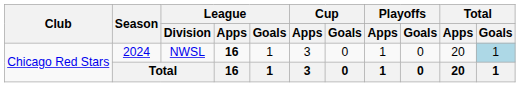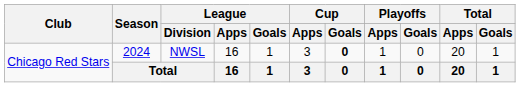 <table class="wikitable" style="text-align: center;">
 <tr>
 <th rowspan="2">Club</th>
 <th rowspan="2">Season</th>
 <th colspan="3">League</th>
 <th colspan="2">Cup</th>
 <th colspan="2">Playoffs</th>
 <th colspan="2">Total</th>
 </tr>
 <tr>
 <th>Division</th>
 <th>Apps</th>
 <th>Goals</th>
 <th>Apps</th>
 <th>Goals</th>
 <th>Apps</th>
 <th>Goals</th>
 <th>Apps</th>
 <th>Goals</th>
 </tr>
 <tr>
 <td rowspan="2"><a href='#'>Chicago Red Stars</a></td>
 <td><a href='#'>2024</a></td>
 <td><a href='#'>NWSL</a></td>
-<td><strong>16</strong></td>
+<td>16</td>
 <td>1</td>
 <td>3</td>
-<td>0</td>
+<td><strong>0</strong></td>
 <td>1</td>
 <td>0</td>
 <td>20</td>
-<td style="background: lightblue;">1</td>
+<td>1</td>
 </tr>
 <tr>
 <th colspan="2">Total</th>
 <th>16</th>
 <th>1</th>
 <th>3</th>
 <th>0</th>
 <th>1</th>
 <th>0</th>
 <th>20</th>
 <th>1</th>
 </tr>
 </table>
